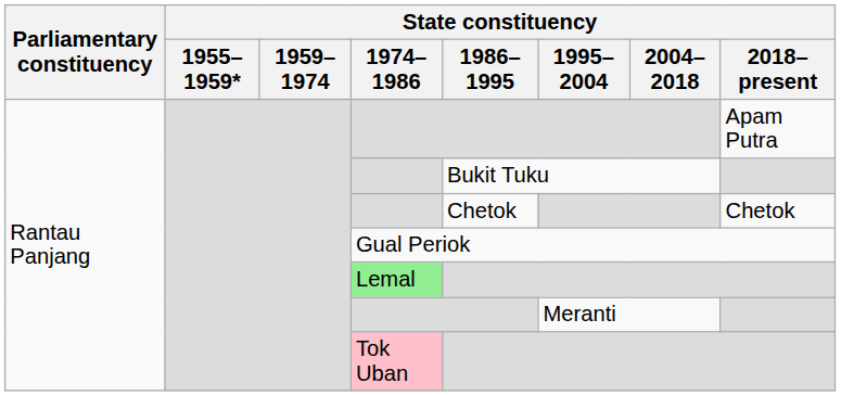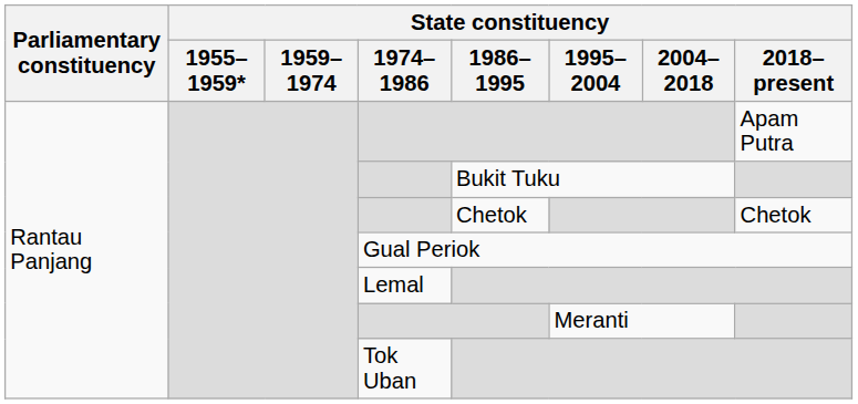 <table class="wikitable">
 <tr>
 <th rowspan="2">Parliamentary<br>constituency</th>
 <th colspan="7">State constituency</th>
 </tr>
 <tr>
 <th>1955–1959*</th>
 <th>1959–1974</th>
 <th>1974–1986</th>
 <th>1986–1995</th>
 <th>1995–2004</th>
 <th>2004–2018</th>
 <th>2018–present</th>
 </tr>
 <tr>
 <td rowspan="7">Rantau Panjang</td>
 <td colspan="2" rowspan="7" bgcolor="dcdcdc"></td>
 <td colspan="4" bgcolor="dcdcdc"></td>
 <td>Apam Putra</td>
 </tr>
 <tr>
 <td bgcolor="dcdcdc"></td>
 <td colspan="3">Bukit Tuku</td>
 <td bgcolor="dcdcdc"></td>
 </tr>
 <tr>
 <td bgcolor="dcdcdc"></td>
 <td>Chetok</td>
 <td colspan="2" bgcolor="dcdcdc"></td>
 <td>Chetok</td>
 </tr>
 <tr>
 <td colspan="5">Gual Periok</td>
 </tr>
 <tr>
-<td style="background: lightgreen;">Lemal</td>
+<td>Lemal</td>
 <td colspan="4" bgcolor="dcdcdc"></td>
 </tr>
 <tr>
 <td colspan="2" bgcolor="dcdcdc"></td>
 <td colspan="2">Meranti</td>
 <td bgcolor="dcdcdc"></td>
 </tr>
 <tr>
-<td style="background: pink;">Tok Uban</td>
+<td>Tok Uban</td>
 <td colspan="4" bgcolor="dcdcdc"></td>
 </tr>
 </table>
